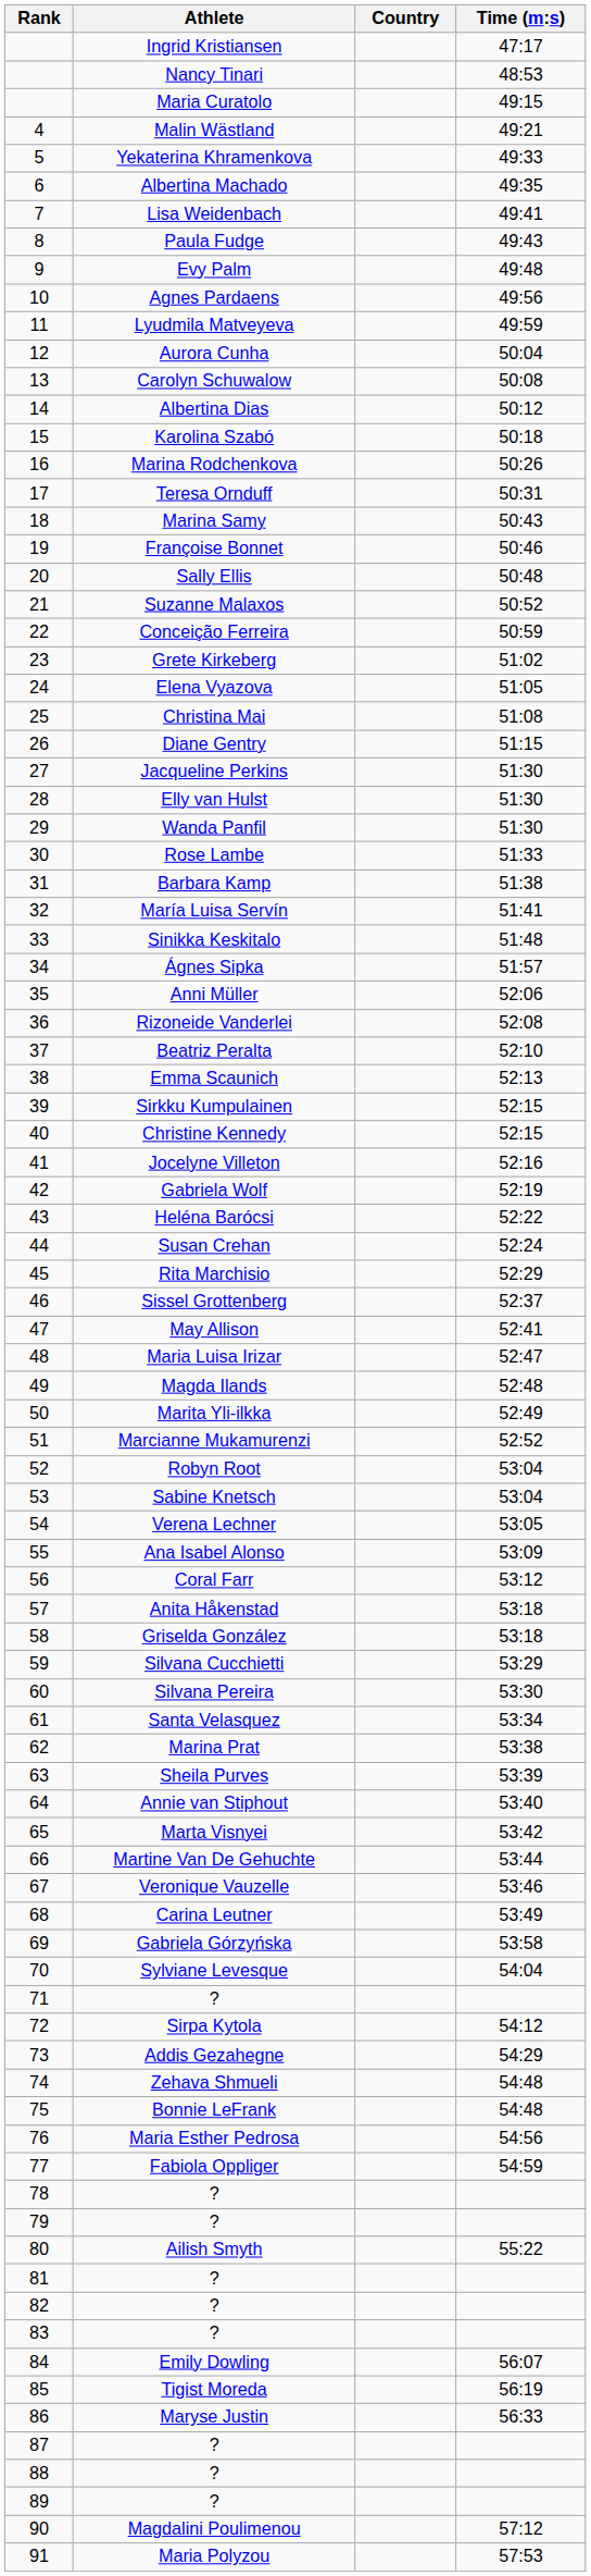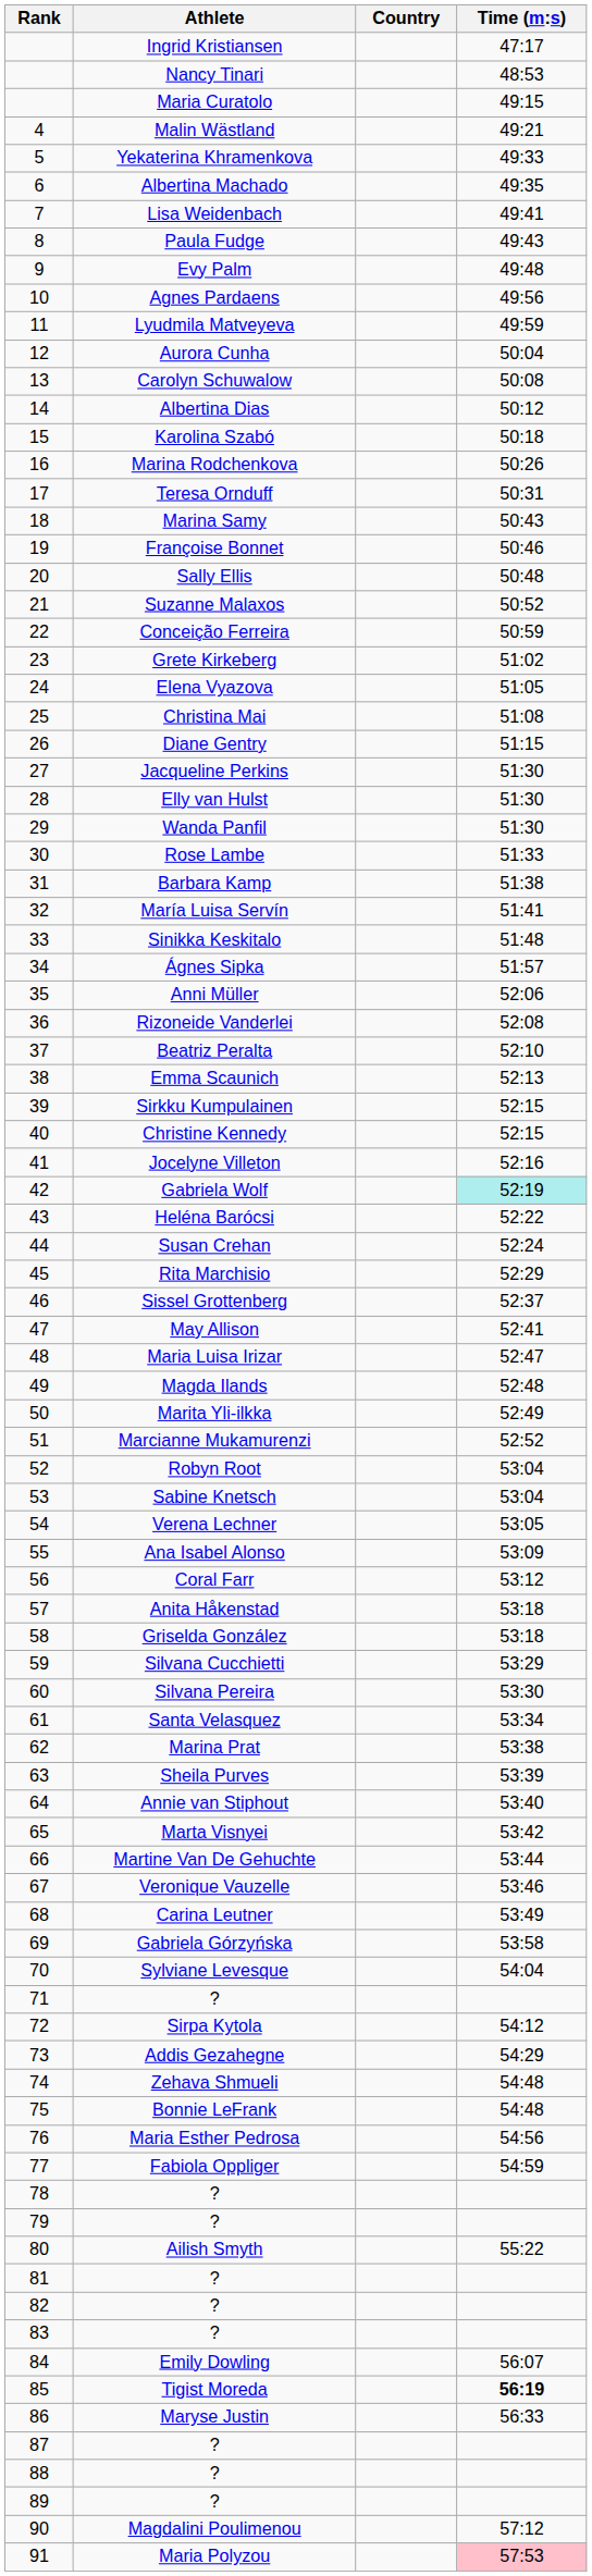 <table class="wikitable sortable" style="text-align:center;" width="60%">
 <tr>
 <th>Rank</th>
 <th>Athlete</th>
 <th>Country</th>
 <th>Time (<a href='#'>m</a>:<a href='#'>s</a>)</th>
 </tr>
 <tr>
 <td></td>
 <td><a href='#'>Ingrid Kristiansen</a></td>
 <td align=left></td>
 <td>47:17</td>
 </tr>
 <tr>
 <td></td>
 <td><a href='#'>Nancy Tinari</a></td>
 <td align=left></td>
 <td>48:53</td>
 </tr>
 <tr>
 <td></td>
 <td><a href='#'>Maria Curatolo</a></td>
 <td align=left></td>
 <td>49:15</td>
 </tr>
 <tr>
 <td>4</td>
 <td><a href='#'>Malin Wästland</a></td>
 <td align=left></td>
 <td>49:21</td>
 </tr>
 <tr>
 <td>5</td>
 <td><a href='#'>Yekaterina Khramenkova</a></td>
 <td align=left></td>
 <td>49:33</td>
 </tr>
 <tr>
 <td>6</td>
 <td><a href='#'>Albertina Machado</a></td>
 <td align=left></td>
 <td>49:35</td>
 </tr>
 <tr>
 <td>7</td>
 <td><a href='#'>Lisa Weidenbach</a></td>
 <td align=left></td>
 <td>49:41</td>
 </tr>
 <tr>
 <td>8</td>
 <td><a href='#'>Paula Fudge</a></td>
 <td align=left></td>
 <td>49:43</td>
 </tr>
 <tr>
 <td>9</td>
 <td><a href='#'>Evy Palm</a></td>
 <td align=left></td>
 <td>49:48</td>
 </tr>
 <tr>
 <td>10</td>
 <td><a href='#'>Agnes Pardaens</a></td>
 <td align=left></td>
 <td>49:56</td>
 </tr>
 <tr>
 <td>11</td>
 <td><a href='#'>Lyudmila Matveyeva</a></td>
 <td align=left></td>
 <td>49:59</td>
 </tr>
 <tr>
 <td>12</td>
 <td><a href='#'>Aurora Cunha</a></td>
 <td align=left></td>
 <td>50:04</td>
 </tr>
 <tr>
 <td>13</td>
 <td><a href='#'>Carolyn Schuwalow</a></td>
 <td align=left></td>
 <td>50:08</td>
 </tr>
 <tr>
 <td>14</td>
 <td><a href='#'>Albertina Dias</a></td>
 <td align=left></td>
 <td>50:12</td>
 </tr>
 <tr>
 <td>15</td>
 <td><a href='#'>Karolina Szabó</a></td>
 <td align=left></td>
 <td>50:18</td>
 </tr>
 <tr>
 <td>16</td>
 <td><a href='#'>Marina Rodchenkova</a></td>
 <td align=left></td>
 <td>50:26</td>
 </tr>
 <tr>
 <td>17</td>
 <td><a href='#'>Teresa Ornduff</a></td>
 <td align=left></td>
 <td>50:31</td>
 </tr>
 <tr>
 <td>18</td>
 <td><a href='#'>Marina Samy</a></td>
 <td align=left></td>
 <td>50:43</td>
 </tr>
 <tr>
 <td>19</td>
 <td><a href='#'>Françoise Bonnet</a></td>
 <td align=left></td>
 <td>50:46</td>
 </tr>
 <tr>
 <td>20</td>
 <td><a href='#'>Sally Ellis</a></td>
 <td align=left></td>
 <td>50:48</td>
 </tr>
 <tr>
 <td>21</td>
 <td><a href='#'>Suzanne Malaxos</a></td>
 <td align=left></td>
 <td>50:52</td>
 </tr>
 <tr>
 <td>22</td>
 <td><a href='#'>Conceição Ferreira</a></td>
 <td align=left></td>
 <td>50:59</td>
 </tr>
 <tr>
 <td>23</td>
 <td><a href='#'>Grete Kirkeberg</a></td>
 <td align=left></td>
 <td>51:02</td>
 </tr>
 <tr>
 <td>24</td>
 <td><a href='#'>Elena Vyazova</a></td>
 <td align=left></td>
 <td>51:05</td>
 </tr>
 <tr>
 <td>25</td>
 <td><a href='#'>Christina Mai</a></td>
 <td align=left></td>
 <td>51:08</td>
 </tr>
 <tr>
 <td>26</td>
 <td><a href='#'>Diane Gentry</a></td>
 <td align=left></td>
 <td>51:15</td>
 </tr>
 <tr>
 <td>27</td>
 <td><a href='#'>Jacqueline Perkins</a></td>
 <td align=left></td>
 <td>51:30</td>
 </tr>
 <tr>
 <td>28</td>
 <td><a href='#'>Elly van Hulst</a></td>
 <td align=left></td>
 <td>51:30</td>
 </tr>
 <tr>
 <td>29</td>
 <td><a href='#'>Wanda Panfil</a></td>
 <td align=left></td>
 <td>51:30</td>
 </tr>
 <tr>
 <td>30</td>
 <td><a href='#'>Rose Lambe</a></td>
 <td align=left></td>
 <td>51:33</td>
 </tr>
 <tr>
 <td>31</td>
 <td><a href='#'>Barbara Kamp</a></td>
 <td align=left></td>
 <td>51:38</td>
 </tr>
 <tr>
 <td>32</td>
 <td><a href='#'>María Luisa Servín</a></td>
 <td align=left></td>
 <td>51:41</td>
 </tr>
 <tr>
 <td>33</td>
 <td><a href='#'>Sinikka Keskitalo</a></td>
 <td align=left></td>
 <td>51:48</td>
 </tr>
 <tr>
 <td>34</td>
 <td><a href='#'>Ágnes Sipka</a></td>
 <td align=left></td>
 <td>51:57</td>
 </tr>
 <tr>
 <td>35</td>
 <td><a href='#'>Anni Müller</a></td>
 <td align=left></td>
 <td>52:06</td>
 </tr>
 <tr>
 <td>36</td>
 <td><a href='#'>Rizoneide Vanderlei</a></td>
 <td align=left></td>
 <td>52:08</td>
 </tr>
 <tr>
 <td>37</td>
 <td><a href='#'>Beatriz Peralta</a></td>
 <td align=left></td>
 <td>52:10</td>
 </tr>
 <tr>
 <td>38</td>
 <td><a href='#'>Emma Scaunich</a></td>
 <td align=left></td>
 <td>52:13</td>
 </tr>
 <tr>
 <td>39</td>
 <td><a href='#'>Sirkku Kumpulainen</a></td>
 <td align=left></td>
 <td>52:15</td>
 </tr>
 <tr>
 <td>40</td>
 <td><a href='#'>Christine Kennedy</a></td>
 <td align=left></td>
 <td>52:15</td>
 </tr>
 <tr>
 <td>41</td>
 <td><a href='#'>Jocelyne Villeton</a></td>
 <td align=left></td>
 <td>52:16</td>
 </tr>
 <tr>
 <td>42</td>
 <td><a href='#'>Gabriela Wolf</a></td>
 <td align=left></td>
-<td>52:19</td>
+<td style="background: paleturquoise;">52:19</td>
 </tr>
 <tr>
 <td>43</td>
 <td><a href='#'>Heléna Barócsi</a></td>
 <td align=left></td>
 <td>52:22</td>
 </tr>
 <tr>
 <td>44</td>
 <td><a href='#'>Susan Crehan</a></td>
 <td align=left></td>
 <td>52:24</td>
 </tr>
 <tr>
 <td>45</td>
 <td><a href='#'>Rita Marchisio</a></td>
 <td align=left></td>
 <td>52:29</td>
 </tr>
 <tr>
 <td>46</td>
 <td><a href='#'>Sissel Grottenberg</a></td>
 <td align=left></td>
 <td>52:37</td>
 </tr>
 <tr>
 <td>47</td>
 <td><a href='#'>May Allison</a></td>
 <td align=left></td>
 <td>52:41</td>
 </tr>
 <tr>
 <td>48</td>
 <td><a href='#'>Maria Luisa Irizar</a></td>
 <td align=left></td>
 <td>52:47</td>
 </tr>
 <tr>
 <td>49</td>
 <td><a href='#'>Magda Ilands</a></td>
 <td align=left></td>
 <td>52:48</td>
 </tr>
 <tr>
 <td>50</td>
 <td><a href='#'>Marita Yli-ilkka</a></td>
 <td align=left></td>
 <td>52:49</td>
 </tr>
 <tr>
 <td>51</td>
 <td><a href='#'>Marcianne Mukamurenzi</a></td>
 <td align=left></td>
 <td>52:52</td>
 </tr>
 <tr>
 <td>52</td>
 <td><a href='#'>Robyn Root</a></td>
 <td align=left></td>
 <td>53:04</td>
 </tr>
 <tr>
 <td>53</td>
 <td><a href='#'>Sabine Knetsch</a></td>
 <td align=left></td>
 <td>53:04</td>
 </tr>
 <tr>
 <td>54</td>
 <td><a href='#'>Verena Lechner</a></td>
 <td align=left></td>
 <td>53:05</td>
 </tr>
 <tr>
 <td>55</td>
 <td><a href='#'>Ana Isabel Alonso</a></td>
 <td align=left></td>
 <td>53:09</td>
 </tr>
 <tr>
 <td>56</td>
 <td><a href='#'>Coral Farr</a></td>
 <td align=left></td>
 <td>53:12</td>
 </tr>
 <tr>
 <td>57</td>
 <td><a href='#'>Anita Håkenstad</a></td>
 <td align=left></td>
 <td>53:18</td>
 </tr>
 <tr>
 <td>58</td>
 <td><a href='#'>Griselda González</a></td>
 <td align=left></td>
 <td>53:18</td>
 </tr>
 <tr>
 <td>59</td>
 <td><a href='#'>Silvana Cucchietti</a></td>
 <td align=left></td>
 <td>53:29</td>
 </tr>
 <tr>
 <td>60</td>
 <td><a href='#'>Silvana Pereira</a></td>
 <td align=left></td>
 <td>53:30</td>
 </tr>
 <tr>
 <td>61</td>
 <td><a href='#'>Santa Velasquez</a></td>
 <td align=left></td>
 <td>53:34</td>
 </tr>
 <tr>
 <td>62</td>
 <td><a href='#'>Marina Prat</a></td>
 <td align=left></td>
 <td>53:38</td>
 </tr>
 <tr>
 <td>63</td>
 <td><a href='#'>Sheila Purves</a></td>
 <td align=left></td>
 <td>53:39</td>
 </tr>
 <tr>
 <td>64</td>
 <td><a href='#'>Annie van Stiphout</a></td>
 <td align=left></td>
 <td>53:40</td>
 </tr>
 <tr>
 <td>65</td>
 <td><a href='#'>Marta Visnyei</a></td>
 <td align=left></td>
 <td>53:42</td>
 </tr>
 <tr>
 <td>66</td>
 <td><a href='#'>Martine Van De Gehuchte</a></td>
 <td align=left></td>
 <td>53:44</td>
 </tr>
 <tr>
 <td>67</td>
 <td><a href='#'>Veronique Vauzelle</a></td>
 <td align=left></td>
 <td>53:46</td>
 </tr>
 <tr>
 <td>68</td>
 <td><a href='#'>Carina Leutner</a></td>
 <td align=left></td>
 <td>53:49</td>
 </tr>
 <tr>
 <td>69</td>
 <td><a href='#'>Gabriela Górzyńska</a></td>
 <td align=left></td>
 <td>53:58</td>
 </tr>
 <tr>
 <td>70</td>
 <td><a href='#'>Sylviane Levesque</a></td>
 <td align=left></td>
 <td>54:04</td>
 </tr>
 <tr>
 <td>71</td>
 <td>?</td>
 <td></td>
 <td></td>
 </tr>
 <tr>
 <td>72</td>
 <td><a href='#'>Sirpa Kytola</a></td>
 <td align=left></td>
 <td>54:12</td>
 </tr>
 <tr>
 <td>73</td>
 <td><a href='#'>Addis Gezahegne</a></td>
 <td align=left></td>
 <td>54:29</td>
 </tr>
 <tr>
 <td>74</td>
 <td><a href='#'>Zehava Shmueli</a></td>
 <td align=left></td>
 <td>54:48</td>
 </tr>
 <tr>
 <td>75</td>
 <td><a href='#'>Bonnie LeFrank</a></td>
 <td align=left></td>
 <td>54:48</td>
 </tr>
 <tr>
 <td>76</td>
 <td><a href='#'>Maria Esther Pedrosa</a></td>
 <td align=left></td>
 <td>54:56</td>
 </tr>
 <tr>
 <td>77</td>
 <td><a href='#'>Fabiola Oppliger</a></td>
 <td align=left></td>
 <td>54:59</td>
 </tr>
 <tr>
 <td>78</td>
 <td>?</td>
 <td></td>
 <td></td>
 </tr>
 <tr>
 <td>79</td>
 <td>?</td>
 <td></td>
 <td></td>
 </tr>
 <tr>
 <td>80</td>
 <td><a href='#'>Ailish Smyth</a></td>
 <td align=left></td>
 <td>55:22</td>
 </tr>
 <tr>
 <td>81</td>
 <td>?</td>
 <td></td>
 <td></td>
 </tr>
 <tr>
 <td>82</td>
 <td>?</td>
 <td></td>
 <td></td>
 </tr>
 <tr>
 <td>83</td>
 <td>?</td>
 <td></td>
 <td></td>
 </tr>
 <tr>
 <td>84</td>
 <td><a href='#'>Emily Dowling</a></td>
 <td align=left></td>
 <td>56:07</td>
 </tr>
 <tr>
 <td>85</td>
 <td><a href='#'>Tigist Moreda</a></td>
 <td align=left></td>
-<td>56:19</td>
+<td><strong>56:19</strong></td>
 </tr>
 <tr>
 <td>86</td>
 <td><a href='#'>Maryse Justin</a></td>
 <td align=left></td>
 <td>56:33</td>
 </tr>
 <tr>
 <td>87</td>
 <td>?</td>
 <td></td>
 <td></td>
 </tr>
 <tr>
 <td>88</td>
 <td>?</td>
 <td></td>
 <td></td>
 </tr>
 <tr>
 <td>89</td>
 <td>?</td>
 <td></td>
 <td></td>
 </tr>
 <tr>
 <td>90</td>
 <td><a href='#'>Magdalini Poulimenou</a></td>
 <td align=left></td>
 <td>57:12</td>
 </tr>
 <tr>
 <td>91</td>
 <td><a href='#'>Maria Polyzou</a></td>
 <td align=left></td>
-<td>57:53</td>
+<td style="background: pink;">57:53</td>
 </tr>
 <tr>
 </tr>
 </table>
